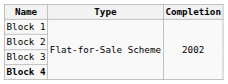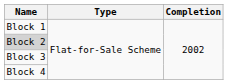 <table class="wikitable" style="text-align: center">
 <tr>
 <th>Name</th>
 <th>Type</th>
 <th>Completion</th>
 </tr>
 <tr>
 <td>Block 1</td>
 <td rowspan="4">Flat-for-Sale Scheme</td>
 <td rowspan="4">2002</td>
 </tr>
 <tr>
-<td>Block 2</td>
+<td style="background: lightgrey;">Block 2</td>
 </tr>
 <tr>
 <td>Block 3</td>
 </tr>
 <tr>
-<td><strong>Block 4</strong></td>
+<td>Block 4</td>
 </tr>
 </table>
